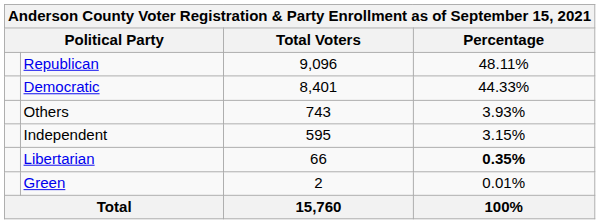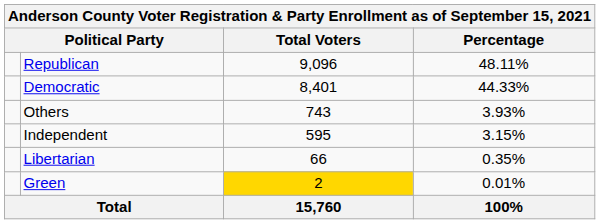 <table class=wikitable>
 <tr>
 <th colspan = 6>Anderson County Voter Registration & Party Enrollment as of September 15, 2021</th>
 </tr>
 <tr>
 <th colspan = 2>Political Party</th>
 <th>Total Voters</th>
 <th>Percentage</th>
 </tr>
 <tr>
 <td></td>
 <td><a href='#'>Republican</a></td>
 <td align="center">9,096</td>
 <td align="center">48.11%</td>
 </tr>
 <tr>
 <td></td>
 <td><a href='#'>Democratic</a></td>
 <td align = center>8,401</td>
 <td align = center>44.33%</td>
 </tr>
 <tr>
 <td></td>
 <td>Others</td>
 <td align = center>743</td>
 <td align = center>3.93%</td>
 </tr>
 <tr>
 <td></td>
 <td>Independent</td>
 <td align = center>595</td>
 <td align = center>3.15%</td>
 </tr>
 <tr>
 <td></td>
 <td><a href='#'>Libertarian</a></td>
 <td align = center>66</td>
-<td align = center><strong>0.35%</strong></td>
+<td align = center>0.35%</td>
 </tr>
 <tr>
 <td></td>
 <td><a href='#'>Green</a></td>
-<td align = center>2</td>
+<td align = center style="background: gold;">2</td>
 <td align = center>0.01%</td>
 </tr>
 <tr>
 <th colspan = 2>Total</th>
 <th align = center>15,760</th>
 <th align = center>100%</th>
 </tr>
 </table>
